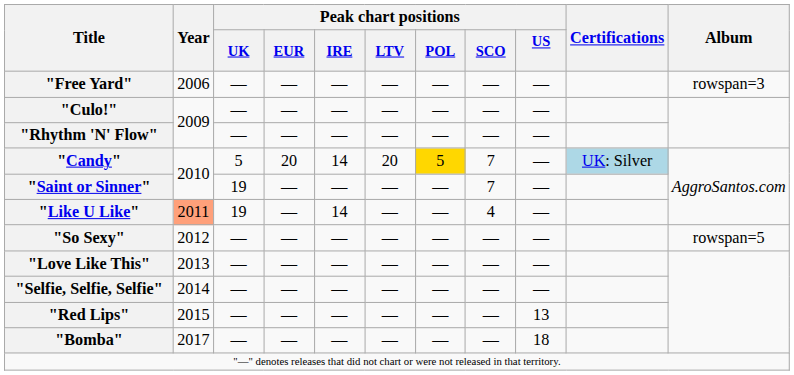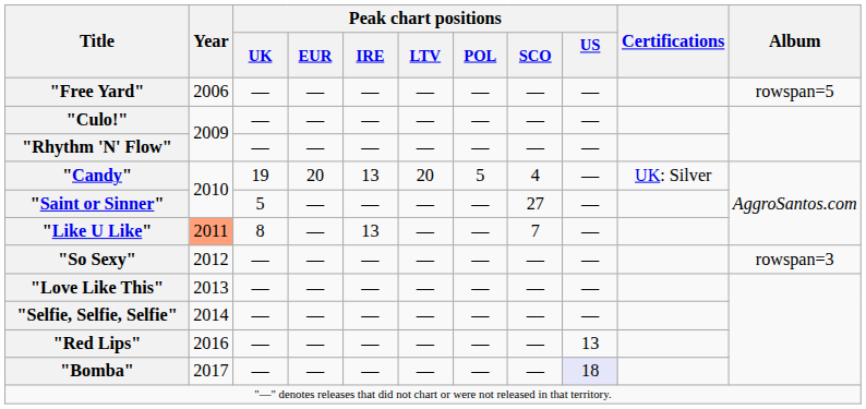 <table class="wikitable plainrowheaders" style="text-align:center;">
 <tr>
 <th scope="col" rowspan="2" style="width:10em;">Title</th>
 <th scope="col" rowspan="2">Year</th>
 <th scope="col" colspan="7">Peak chart positions</th>
 <th rowspan="2"><a href='#'>Certifications</a></th>
 <th scope="col" rowspan="2">Album</th>
 </tr>
 <tr>
 <th scope="col" style="width:3em;font-size:90%;"><a href='#'>UK</a><br></th>
 <th scope="col" style="width:3em;font-size:90%;"><a href='#'>EUR</a><br></th>
 <th scope="col" style="width:3em;font-size:90%;"><a href='#'>IRE</a><br></th>
 <th scope="col" style="width:3em;font-size:90%;"><a href='#'>LTV</a><br></th>
 <th scope="col" style="width:3em;font-size:90%;"><a href='#'>POL</a><br></th>
 <th scope="col" style="width:3em;font-size:90%;"><a href='#'>SCO</a><br></th>
 <th scope="col" style="width:3em;font-size:90%;"><a href='#'>US<br></a><br></th>
 </tr>
 <tr>
 <th scope="row">"Free Yard"</th>
 <td>2006</td>
 <td>—</td>
 <td>—</td>
 <td>—</td>
 <td>—</td>
 <td>—</td>
 <td>—</td>
 <td>—</td>
 <td></td>
-<td>rowspan=3 </td>
+<td>rowspan=5 </td>
 </tr>
 <tr>
 <th scope="row">"Culo!"</th>
 <td rowspan=2>2009</td>
 <td>—</td>
 <td>—</td>
 <td>—</td>
 <td>—</td>
 <td>—</td>
 <td>—</td>
 <td>—</td>
 <td></td>
 </tr>
 <tr>
 <th scope="row">"Rhythm 'N' Flow"</th>
 <td>—</td>
 <td>—</td>
 <td>—</td>
 <td>—</td>
 <td>—</td>
 <td>—</td>
 <td>—</td>
 <td></td>
 </tr>
 <tr>
 <th scope="row">"<a href='#'>Candy</a>"<br></th>
 <td rowspan="2">2010</td>
+<td>19</td>
+<td>20</td>
+<td>13</td>
+<td>20</td>
 <td>5</td>
-<td>20</td>
-<td>14</td>
-<td>20</td>
-<td style="background: gold;">5</td>
-<td>7</td>
+<td>4</td>
 <td>—</td>
-<td style="background: lightblue;"><a href='#'>UK</a>: Silver</td>
+<td><a href='#'>UK</a>: Silver</td>
 <td rowspan="3"><em>AggroSantos.com</em></td>
 </tr>
 <tr>
 <th scope="row">"<a href='#'>Saint or Sinner</a>"</th>
-<td>19</td>
+<td>5</td>
 <td>—</td>
 <td>—</td>
 <td>—</td>
 <td>—</td>
-<td>7</td>
+<td>27</td>
 <td>—</td>
 <td></td>
 </tr>
 <tr>
 <th scope="row">"<a href='#'>Like U Like</a>"<br></th>
 <td style="background: lightsalmon;">2011</td>
-<td>19</td>
+<td>8</td>
 <td>—</td>
-<td>14</td>
+<td>13</td>
 <td>—</td>
 <td>—</td>
-<td>4</td>
+<td>7</td>
 <td>—</td>
 </tr>
 <tr>
 <th scope="row">"So Sexy"</th>
 <td>2012</td>
 <td>—</td>
 <td>—</td>
 <td>—</td>
 <td>—</td>
 <td>—</td>
 <td>—</td>
 <td>—</td>
 <td></td>
-<td>rowspan=5 </td>
+<td>rowspan=3 </td>
 </tr>
 <tr>
 <th scope="row">"Love Like This"</th>
 <td>2013</td>
 <td>—</td>
 <td>—</td>
 <td>—</td>
 <td>—</td>
 <td>—</td>
 <td>—</td>
 <td>—</td>
 <td></td>
 </tr>
 <tr>
 <th scope="row">"Selfie, Selfie, Selfie"</th>
 <td>2014</td>
 <td>—</td>
 <td>—</td>
 <td>—</td>
 <td>—</td>
 <td>—</td>
 <td>—</td>
 <td>—</td>
 <td></td>
 </tr>
 <tr>
 <th scope="row">"Red Lips"<br></th>
-<td>2015</td>
+<td>2016</td>
 <td>—</td>
 <td>—</td>
 <td>—</td>
 <td>—</td>
 <td>—</td>
 <td>—</td>
 <td>13</td>
 <td></td>
 </tr>
 <tr>
 <th scope="row">"Bomba"</th>
 <td>2017</td>
 <td>—</td>
 <td>—</td>
 <td>—</td>
 <td>—</td>
 <td>—</td>
 <td>—</td>
-<td>18</td>
+<td style="background: lavender;">18</td>
 <td></td>
 </tr>
 <tr>
 <td colspan="15" style="text-align:center; font-size:8pt;">"—" denotes releases that did not chart or were not released in that territory.</td>
 </tr>
 </table>
